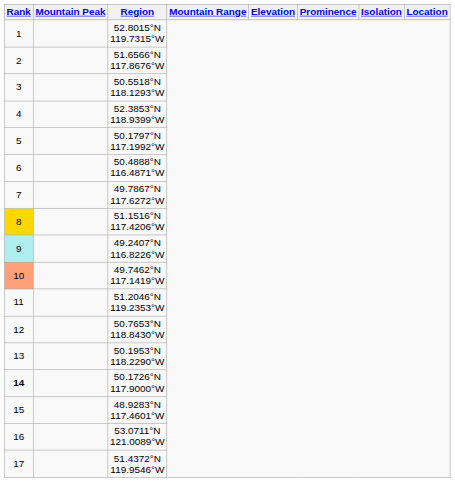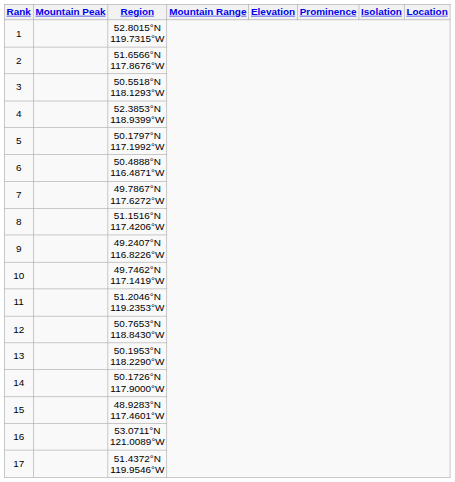 <table class="wikitable sortable">
 <tr>
 <th><a href='#'>Rank</a></th>
 <th><a href='#'>Mountain Peak</a></th>
 <th><a href='#'>Region</a></th>
 <th><a href='#'>Mountain Range</a></th>
 <th><a href='#'>Elevation</a></th>
 <th><a href='#'>Prominence</a></th>
 <th><a href='#'>Isolation</a></th>
 <th><a href='#'>Location</a></th>
 </tr>
 <tr>
 <td align=center>1<br></td>
 <td><br> </td>
 <td align=center>52.8015°N<br>119.7315°W</td>
 </tr>
 <tr>
 <td align=center>2<br></td>
 <td><br> </td>
 <td align=center>51.6566°N<br>117.8676°W</td>
 </tr>
 <tr>
 <td align=center>3<br></td>
 <td><br> </td>
 <td align=center>50.5518°N<br>118.1293°W</td>
 </tr>
 <tr>
 <td align=center>4<br></td>
 <td><br> </td>
 <td align=center>52.3853°N<br>118.9399°W</td>
 </tr>
 <tr>
 <td align=center>5<br></td>
 <td><br> </td>
 <td align=center>50.1797°N<br>117.1992°W</td>
 </tr>
 <tr>
 <td align=center>6<br></td>
 <td><br> </td>
 <td align=center>50.4888°N<br>116.4871°W</td>
 </tr>
 <tr>
 <td align=center>7<br></td>
 <td><br> </td>
 <td align=center>49.7867°N<br>117.6272°W</td>
 </tr>
 <tr>
-<td align=center style="background: gold;">8<br></td>
+<td align=center>8<br></td>
 <td><br> </td>
 <td align=center>51.1516°N<br>117.4206°W</td>
 </tr>
 <tr>
-<td align=center style="background: paleturquoise;">9<br></td>
+<td align=center>9<br></td>
 <td><br> </td>
 <td align=center>49.2407°N<br>116.8226°W</td>
 </tr>
 <tr>
-<td align=center style="background: lightsalmon;">10<br></td>
+<td align=center>10<br></td>
 <td><br> </td>
 <td align=center>49.7462°N<br>117.1419°W</td>
 </tr>
 <tr>
 <td align=center>11<br></td>
 <td><br> </td>
 <td align=center>51.2046°N<br>119.2353°W</td>
 </tr>
 <tr>
 <td align=center>12<br></td>
 <td><br> </td>
 <td align=center>50.7653°N<br>118.8430°W</td>
 </tr>
 <tr>
 <td align=center>13<br></td>
 <td><br> </td>
 <td align=center>50.1953°N<br>118.2290°W</td>
 </tr>
 <tr>
-<td align=center><strong>14<br></strong></td>
+<td align=center>14<br></td>
 <td><br> </td>
 <td align=center>50.1726°N<br>117.9000°W</td>
 </tr>
 <tr>
 <td align=center>15<br></td>
 <td><br> </td>
 <td align=center>48.9283°N<br>117.4601°W</td>
 </tr>
 <tr>
 <td align=center>16<br></td>
 <td><br> </td>
 <td align=center>53.0711°N<br>121.0089°W</td>
 </tr>
 <tr>
 <td align=center>17<br></td>
 <td><br> </td>
 <td align=center>51.4372°N<br>119.9546°W</td>
 </tr>
 </table>
